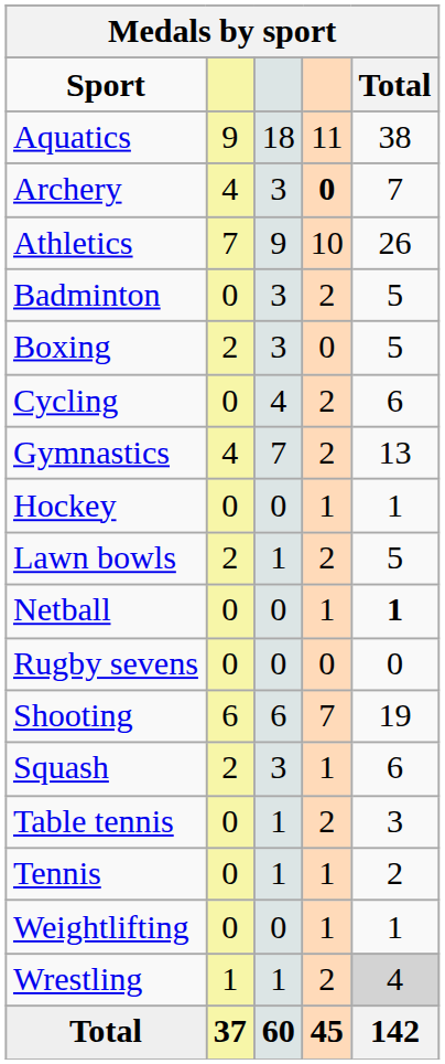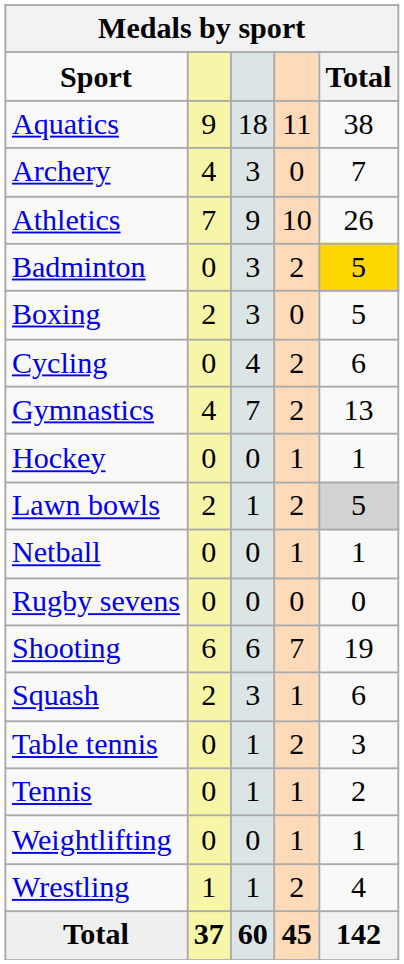 <table class="wikitable" style="float:right;">
 <tr>
 <th colspan=5><strong>Medals by sport</strong></th>
 </tr>
 <tr align=center>
 <td><strong>Sport</strong></td>
 <th style="background:#f7f6a8;"></th>
 <th style="background:#dce5e5;"></th>
 <th style="background:#ffdab9;"></th>
 <th><strong>Total</strong></th>
 </tr>
 <tr align=center>
 <td align=left><a href='#'>Aquatics</a></td>
 <td style="background:#f7f6a8;">9</td>
 <td style="background:#dce5e5;">18</td>
 <td style="background:#ffdab9;">11</td>
 <td>38</td>
 </tr>
 <tr align=center>
 <td align=left><a href='#'>Archery</a></td>
 <td style="background:#f7f6a8;">4</td>
 <td style="background:#dce5e5;">3</td>
-<td style="background:#ffdab9;"><strong>0</strong></td>
+<td style="background:#ffdab9;">0</td>
 <td>7</td>
 </tr>
 <tr align=center>
 <td align=left><a href='#'>Athletics</a></td>
 <td style="background:#f7f6a8;">7</td>
 <td style="background:#dce5e5;">9</td>
 <td style="background:#ffdab9;">10</td>
 <td>26</td>
 </tr>
 <tr align=center>
 <td align=left><a href='#'>Badminton</a></td>
 <td style="background:#f7f6a8;">0</td>
 <td style="background:#dce5e5;">3</td>
 <td style="background:#ffdab9;">2</td>
-<td>5</td>
+<td style="background: gold;">5</td>
 </tr>
 <tr align=center>
 <td align=left><a href='#'>Boxing</a></td>
 <td style="background:#f7f6a8;">2</td>
 <td style="background:#dce5e5;">3</td>
 <td style="background:#ffdab9;">0</td>
 <td>5</td>
 </tr>
 <tr align=center>
 <td align=left><a href='#'>Cycling</a></td>
 <td style="background:#f7f6a8;">0</td>
 <td style="background:#dce5e5;">4</td>
 <td style="background:#ffdab9;">2</td>
 <td>6</td>
 </tr>
 <tr align=center>
 <td align=left><a href='#'>Gymnastics</a></td>
 <td style="background:#f7f6a8;">4</td>
 <td style="background:#dce5e5;">7</td>
 <td style="background:#ffdab9;">2</td>
 <td>13</td>
 </tr>
 <tr align=center>
 <td align=left><a href='#'>Hockey</a></td>
 <td style="background:#f7f6a8;">0</td>
 <td style="background:#dce5e5;">0</td>
 <td style="background:#ffdab9;">1</td>
 <td>1</td>
 </tr>
 <tr align=center>
 <td align=left><a href='#'>Lawn bowls</a></td>
 <td style="background:#f7f6a8;">2</td>
 <td style="background:#dce5e5;">1</td>
 <td style="background:#ffdab9;">2</td>
-<td>5</td>
+<td style="background: lightgrey;">5</td>
 </tr>
 <tr align=center>
 <td align=left><a href='#'>Netball</a></td>
 <td style="background:#f7f6a8;">0</td>
 <td style="background:#dce5e5;">0</td>
 <td style="background:#ffdab9;">1</td>
-<td><strong>1</strong></td>
+<td>1</td>
 </tr>
 <tr align=center>
 <td align=left><a href='#'>Rugby sevens</a></td>
 <td style="background:#f7f6a8;">0</td>
 <td style="background:#dce5e5;">0</td>
 <td style="background:#ffdab9;">0</td>
 <td>0</td>
 </tr>
 <tr align=center>
 <td align=left><a href='#'>Shooting</a></td>
 <td style="background:#f7f6a8;">6</td>
 <td style="background:#dce5e5;">6</td>
 <td style="background:#ffdab9;">7</td>
 <td>19</td>
 </tr>
 <tr align=center>
 <td align=left><a href='#'>Squash</a></td>
 <td style="background:#f7f6a8;">2</td>
 <td style="background:#dce5e5;">3</td>
 <td style="background:#ffdab9;">1</td>
 <td>6</td>
 </tr>
 <tr align=center>
 <td align=left><a href='#'>Table tennis</a></td>
 <td style="background:#f7f6a8;">0</td>
 <td style="background:#dce5e5;">1</td>
 <td style="background:#ffdab9;">2</td>
 <td>3</td>
 </tr>
 <tr align=center>
 <td align=left><a href='#'>Tennis</a></td>
 <td style="background:#f7f6a8;">0</td>
 <td style="background:#dce5e5;">1</td>
 <td style="background:#ffdab9;">1</td>
 <td>2</td>
 </tr>
 <tr align=center>
 <td align=left><a href='#'>Weightlifting</a></td>
 <td style="background:#f7f6a8;">0</td>
 <td style="background:#dce5e5;">0</td>
 <td style="background:#ffdab9;">1</td>
 <td>1</td>
 </tr>
 <tr align=center>
 <td align=left><a href='#'>Wrestling</a></td>
 <td style="background:#f7f6a8;">1</td>
 <td style="background:#dce5e5;">1</td>
 <td style="background:#ffdab9;">2</td>
-<td style="background: lightgrey;">4</td>
+<td>4</td>
 </tr>
 <tr align=center>
 <th style="background:#efefef;"><strong>Total</strong></th>
 <th style="background:#f7f6a8;">37</th>
 <th style="background:#dce5e5;">60</th>
 <th style="background:#ffdab9;">45</th>
 <th>142</th>
 </tr>
 </table>
